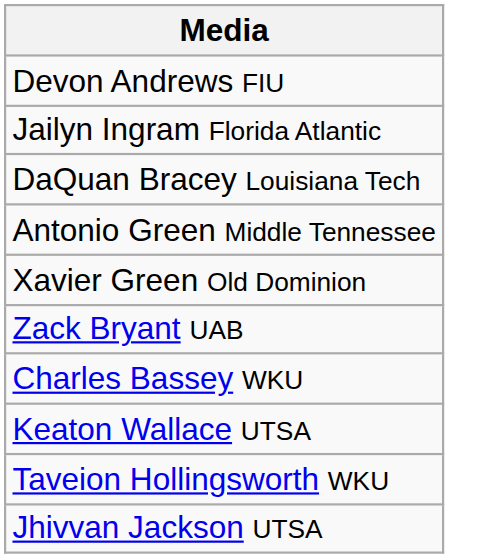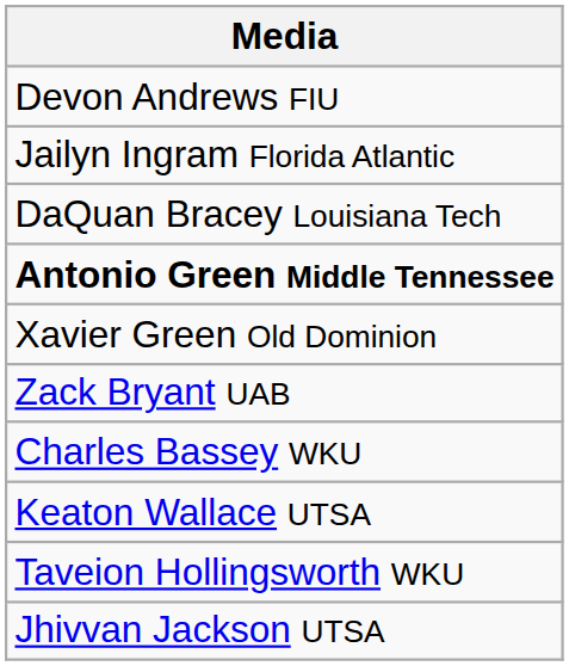 <table class="wikitable" style="white-space:nowrap; font-size:90%;">
 <tr>
 <th>Media</th>
 </tr>
 <tr>
 <td>Devon Andrews <small>FIU</small></td>
 </tr>
 <tr>
 <td>Jailyn Ingram <small>Florida Atlantic</small></td>
 </tr>
 <tr>
 <td>DaQuan Bracey <small>Louisiana Tech</small></td>
 </tr>
 <tr>
-<td>Antonio Green <small>Middle Tennessee</small></td>
+<td><strong>Antonio Green <small>Middle Tennessee</small></strong></td>
 </tr>
 <tr>
 <td>Xavier Green <small>Old Dominion</small></td>
 </tr>
 <tr>
 <td><a href='#'>Zack Bryant</a> <small>UAB</small></td>
 </tr>
 <tr>
 <td><a href='#'>Charles Bassey</a> <small>WKU</small></td>
 </tr>
 <tr>
 <td><a href='#'>Keaton Wallace</a> <small>UTSA</small></td>
 </tr>
 <tr>
 <td><a href='#'>Taveion Hollingsworth</a> <small>WKU</small></td>
 </tr>
 <tr>
 <td><a href='#'>Jhivvan Jackson</a> <small>UTSA</small></td>
 </tr>
 </table>
